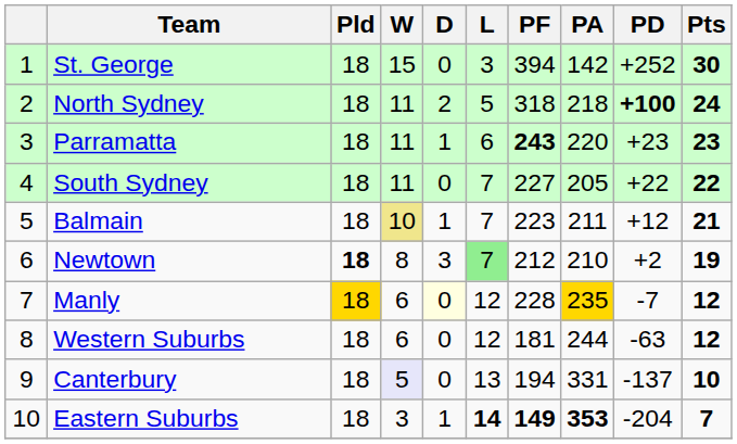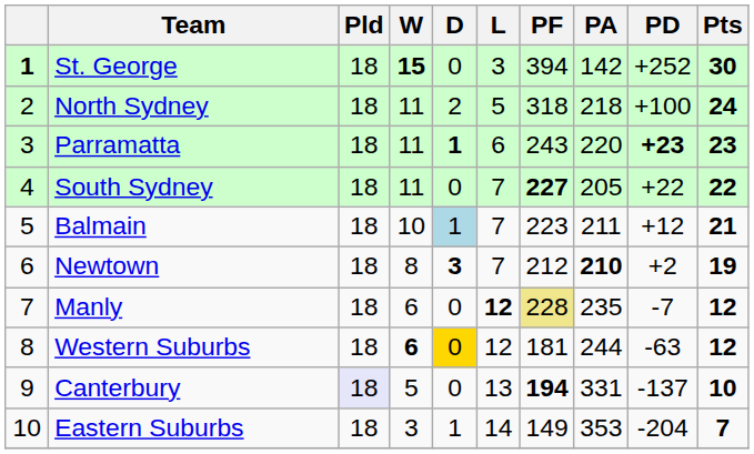 <table class="wikitable" style="text-align:center;">
 <tr>
 <th width=20 abbr="Position×"></th>
 <th width=175>Team</th>
 <th width=20 abbr="Played">Pld</th>
 <th width=20 abbr="Won">W</th>
 <th width=20 abbr="Drawn">D</th>
 <th width=20 abbr="Lost">L</th>
 <th width=20 abbr="Points for">PF</th>
 <th width=20 abbr="Points against">PA</th>
 <th width=20 abbr="Points difference">PD</th>
 <th width=20 abbr="Points">Pts</th>
 </tr>
 <tr style="background: #ccffcc;">
-<td>1</td>
+<td><strong>1</strong></td>
 <td style="text-align:left;"> <a href='#'>St. George</a></td>
 <td>18</td>
-<td>15</td>
+<td><strong>15</strong></td>
 <td>0</td>
 <td>3</td>
 <td>394</td>
 <td>142</td>
 <td>+252</td>
 <td><strong>30</strong></td>
 </tr>
 <tr style="background: #ccffcc;">
 <td>2</td>
 <td style="text-align:left;"> <a href='#'>North Sydney</a></td>
 <td>18</td>
 <td>11</td>
 <td>2</td>
 <td>5</td>
 <td>318</td>
 <td>218</td>
-<td><strong>+100</strong></td>
+<td>+100</td>
 <td><strong>24</strong></td>
 </tr>
 <tr style="background: #ccffcc;">
 <td>3</td>
 <td style="text-align:left;"> <a href='#'>Parramatta</a></td>
 <td>18</td>
 <td>11</td>
-<td>1</td>
+<td><strong>1</strong></td>
 <td>6</td>
-<td><strong>243</strong></td>
+<td>243</td>
 <td>220</td>
-<td>+23</td>
+<td><strong>+23</strong></td>
 <td><strong>23</strong></td>
 </tr>
 <tr style="background: #ccffcc;">
 <td>4</td>
 <td style="text-align:left;"> <a href='#'>South Sydney</a></td>
 <td>18</td>
 <td>11</td>
 <td>0</td>
 <td>7</td>
-<td>227</td>
+<td><strong>227</strong></td>
 <td>205</td>
 <td>+22</td>
 <td><strong>22</strong></td>
 </tr>
 <tr>
 <td>5</td>
 <td style="text-align:left;"> <a href='#'>Balmain</a></td>
 <td>18</td>
-<td style="background: khaki;">10</td>
-<td>1</td>
+<td>10</td>
+<td style="background: lightblue;">1</td>
 <td>7</td>
 <td>223</td>
 <td>211</td>
 <td>+12</td>
 <td><strong>21</strong></td>
 </tr>
 <tr>
 <td>6</td>
 <td style="text-align:left;"> <a href='#'>Newtown</a></td>
-<td><strong>18</strong></td>
+<td>18</td>
 <td>8</td>
-<td>3</td>
-<td style="background: lightgreen;">7</td>
+<td><strong>3</strong></td>
+<td>7</td>
 <td>212</td>
-<td>210</td>
+<td><strong>210</strong></td>
 <td>+2</td>
 <td><strong>19</strong></td>
 </tr>
 <tr>
 <td>7</td>
 <td style="text-align:left;"> <a href='#'>Manly</a></td>
-<td style="background: gold;">18</td>
+<td>18</td>
 <td>6</td>
-<td style="background: lightyellow;">0</td>
-<td>12</td>
-<td>228</td>
-<td style="background: gold;">235</td>
+<td>0</td>
+<td><strong>12</strong></td>
+<td style="background: khaki;">228</td>
+<td>235</td>
 <td>-7</td>
 <td><strong>12</strong></td>
 </tr>
 <tr>
 <td>8</td>
 <td style="text-align:left;"> <a href='#'>Western Suburbs</a></td>
 <td>18</td>
-<td>6</td>
-<td>0</td>
+<td><strong>6</strong></td>
+<td style="background: gold;">0</td>
 <td>12</td>
 <td>181</td>
 <td>244</td>
 <td>-63</td>
 <td><strong>12</strong></td>
 </tr>
 <tr>
 <td>9</td>
 <td style="text-align:left;"> <a href='#'>Canterbury</a></td>
-<td>18</td>
-<td style="background: lavender;">5</td>
+<td style="background: lavender;">18</td>
+<td>5</td>
 <td>0</td>
 <td>13</td>
-<td>194</td>
+<td><strong>194</strong></td>
 <td>331</td>
 <td>-137</td>
 <td><strong>10</strong></td>
 </tr>
 <tr>
 <td>10</td>
 <td style="text-align:left;"> <a href='#'>Eastern Suburbs</a></td>
 <td>18</td>
 <td>3</td>
 <td>1</td>
-<td><strong>14</strong></td>
-<td><strong>149</strong></td>
-<td><strong>353</strong></td>
+<td>14</td>
+<td>149</td>
+<td>353</td>
 <td>-204</td>
 <td><strong>7</strong></td>
 </tr>
 <tr>
 </tr>
 </table>
